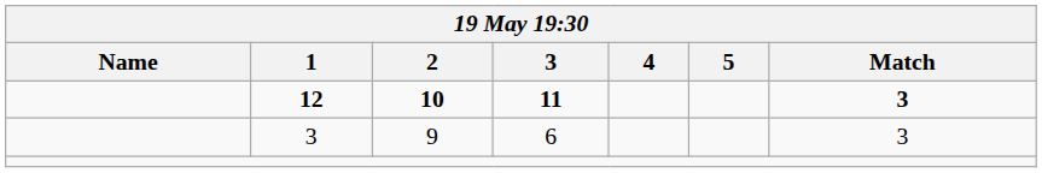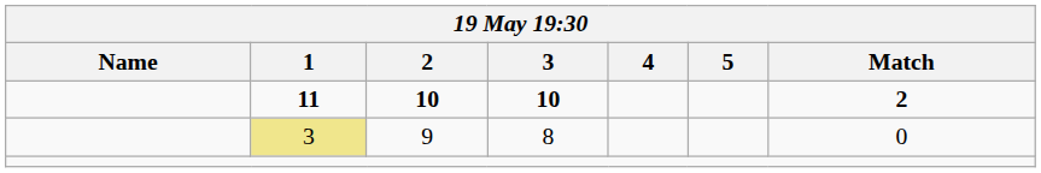 <table class=wikitable style="text-align:center; width: 55%">
 <tr>
 <th colspan=17><em>19 May 19:30</em></th>
 </tr>
 <tr>
 <th>Name</th>
 <th>1</th>
 <th>2</th>
 <th>3</th>
 <th>4</th>
 <th>5</th>
 <th>Match</th>
 </tr>
 <tr>
 <td style="text-align:left;"><strong></strong></td>
-<td><strong>12</strong></td>
+<td><strong>11</strong></td>
 <td><strong>10</strong></td>
-<td><strong>11</strong></td>
+<td><strong>10</strong></td>
 <td></td>
 <td></td>
-<td><strong>3</strong></td>
+<td><strong>2</strong></td>
 </tr>
 <tr>
 <td style="text-align:left;"></td>
-<td>3</td>
+<td style="background: khaki;">3</td>
 <td>9</td>
-<td>6</td>
+<td>8</td>
 <td></td>
 <td></td>
-<td>3</td>
+<td>0</td>
 </tr>
 <tr>
 <td colspan=17></td>
 </tr>
 </table>
